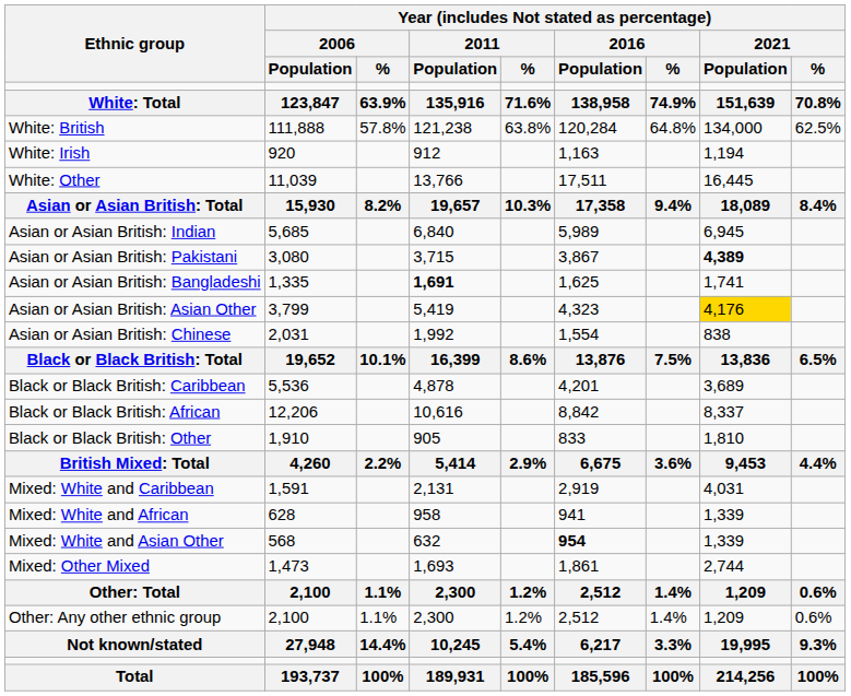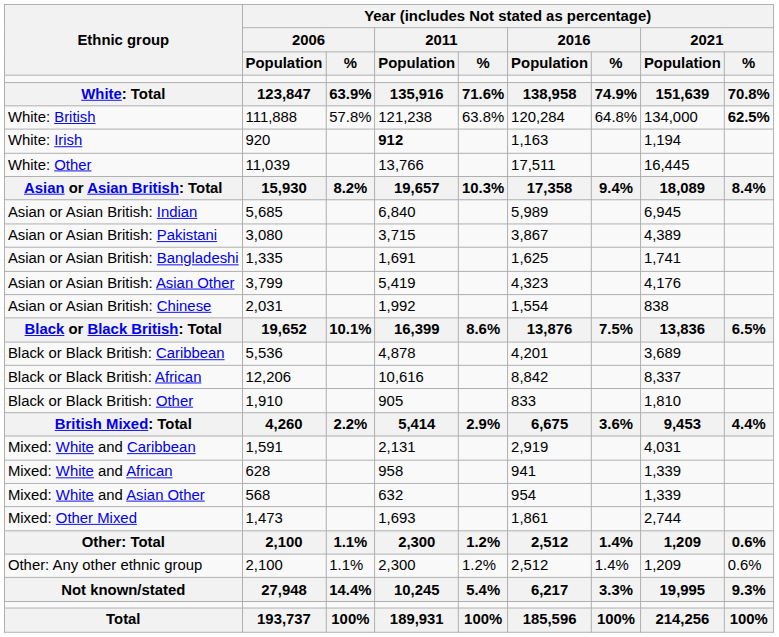 <table class="wikitable sortable mw-collapsible mw-collapsed">
 <tr>
 <th rowspan="3">Ethnic group</th>
 <th colspan="8">Year (includes Not stated as percentage)</th>
 </tr>
 <tr>
 <th colspan="2">2006</th>
 <th colspan="2">2011</th>
 <th colspan="2">2016</th>
 <th colspan="2">2021</th>
 </tr>
 <tr>
 <th>Population</th>
 <th>%</th>
 <th>Population</th>
 <th>%</th>
 <th>Population</th>
 <th>%</th>
 <th>Population</th>
 <th>%</th>
 </tr>
 <tr>
 <td></td>
 <td></td>
 <td></td>
 <td></td>
 <td></td>
 <td></td>
 <td></td>
 <td></td>
 <td></td>
 </tr>
 <tr>
 <th><a href='#'>White</a>: Total</th>
 <th>123,847</th>
 <th>63.9%</th>
 <th>135,916</th>
 <th>71.6%</th>
 <th>138,958</th>
 <th>74.9%</th>
 <th>151,639</th>
 <th>70.8%</th>
 </tr>
 <tr>
 <td>White: <a href='#'>British</a></td>
 <td>111,888</td>
 <td>57.8%</td>
 <td>121,238</td>
 <td>63.8%</td>
 <td>120,284</td>
 <td>64.8%</td>
 <td>134,000</td>
-<td>62.5%</td>
+<td><strong>62.5%</strong></td>
 </tr>
 <tr>
 <td>White: <a href='#'>Irish</a></td>
 <td>920</td>
 <td></td>
-<td>912</td>
+<td><strong>912</strong></td>
 <td></td>
 <td>1,163</td>
 <td></td>
 <td>1,194</td>
 <td></td>
 </tr>
 <tr>
 <td>White: <a href='#'>Other</a></td>
 <td>11,039</td>
 <td></td>
 <td>13,766</td>
 <td></td>
 <td>17,511</td>
 <td></td>
 <td>16,445</td>
 <td></td>
 </tr>
 <tr>
 <th><a href='#'>Asian</a> or <a href='#'>Asian British</a>: Total</th>
 <th>15,930</th>
 <th>8.2%</th>
 <th>19,657</th>
 <th>10.3%</th>
 <th>17,358</th>
 <th>9.4%</th>
 <th>18,089</th>
 <th>8.4%</th>
 </tr>
 <tr>
 <td>Asian or Asian British: <a href='#'>Indian</a></td>
 <td>5,685</td>
 <td></td>
 <td>6,840</td>
 <td></td>
 <td>5,989</td>
 <td></td>
 <td>6,945</td>
 <td></td>
 </tr>
 <tr>
 <td>Asian or Asian British: <a href='#'>Pakistani</a></td>
 <td>3,080</td>
 <td></td>
 <td>3,715</td>
 <td></td>
 <td>3,867</td>
 <td></td>
-<td><strong>4,389</strong></td>
+<td>4,389</td>
 <td></td>
 </tr>
 <tr>
 <td>Asian or Asian British: <a href='#'>Bangladeshi</a></td>
 <td>1,335</td>
 <td></td>
-<td><strong>1,691</strong></td>
+<td>1,691</td>
 <td></td>
 <td>1,625</td>
 <td></td>
 <td>1,741</td>
 <td></td>
 </tr>
 <tr>
 <td>Asian or Asian British: <a href='#'>Asian Other</a></td>
 <td>3,799</td>
 <td></td>
 <td>5,419</td>
 <td></td>
 <td>4,323</td>
 <td></td>
-<td style="background: gold;">4,176</td>
+<td>4,176</td>
 <td></td>
 </tr>
 <tr>
 <td>Asian or Asian British: <a href='#'>Chinese</a></td>
 <td>2,031</td>
 <td></td>
 <td>1,992</td>
 <td></td>
 <td>1,554</td>
 <td></td>
 <td>838</td>
 <td></td>
 </tr>
 <tr>
 <th><a href='#'>Black</a> or <a href='#'>Black British</a>: Total</th>
 <th>19,652</th>
 <th>10.1%</th>
 <th>16,399</th>
 <th>8.6%</th>
 <th>13,876</th>
 <th>7.5%</th>
 <th>13,836</th>
 <th>6.5%</th>
 </tr>
 <tr>
 <td>Black or Black British: <a href='#'>Caribbean</a></td>
 <td>5,536</td>
 <td></td>
 <td>4,878</td>
 <td></td>
 <td>4,201</td>
 <td></td>
 <td>3,689</td>
 <td></td>
 </tr>
 <tr>
 <td>Black or Black British: <a href='#'>African</a></td>
 <td>12,206</td>
 <td></td>
 <td>10,616</td>
 <td></td>
 <td>8,842</td>
 <td></td>
 <td>8,337</td>
 <td></td>
 </tr>
 <tr>
 <td>Black or Black British: <a href='#'>Other</a></td>
 <td>1,910</td>
 <td></td>
 <td>905</td>
 <td></td>
 <td>833</td>
 <td></td>
 <td>1,810</td>
 <td></td>
 </tr>
 <tr>
 <th><a href='#'>British Mixed</a>: Total</th>
 <th>4,260</th>
 <th>2.2%</th>
 <th>5,414</th>
 <th>2.9%</th>
 <th>6,675</th>
 <th>3.6%</th>
 <th>9,453</th>
 <th>4.4%</th>
 </tr>
 <tr>
 <td>Mixed: <a href='#'>White</a> and <a href='#'>Caribbean</a></td>
 <td>1,591</td>
 <td></td>
 <td>2,131</td>
 <td></td>
 <td>2,919</td>
 <td></td>
 <td>4,031</td>
 <td></td>
 </tr>
 <tr>
 <td>Mixed: <a href='#'>White</a> and <a href='#'>African</a></td>
 <td>628</td>
 <td></td>
 <td>958</td>
 <td></td>
 <td>941</td>
 <td></td>
 <td>1,339</td>
 <td></td>
 </tr>
 <tr>
 <td>Mixed: <a href='#'>White</a> and <a href='#'>Asian Other</a></td>
 <td>568</td>
 <td></td>
 <td>632</td>
 <td></td>
-<td><strong>954</strong></td>
+<td>954</td>
 <td></td>
 <td>1,339</td>
 <td></td>
 </tr>
 <tr>
 <td>Mixed: <a href='#'>Other Mixed</a></td>
 <td>1,473</td>
 <td></td>
 <td>1,693</td>
 <td></td>
 <td>1,861</td>
 <td></td>
 <td>2,744</td>
 <td></td>
 </tr>
 <tr>
 <th>Other: Total</th>
 <th>2,100</th>
 <th>1.1%</th>
 <th>2,300</th>
 <th>1.2%</th>
 <th>2,512</th>
 <th>1.4%</th>
 <th>1,209</th>
 <th>0.6%</th>
 </tr>
 <tr>
 <td>Other: Any other ethnic group</td>
 <td>2,100</td>
 <td>1.1%</td>
 <td>2,300</td>
 <td>1.2%</td>
 <td>2,512</td>
 <td>1.4%</td>
 <td>1,209</td>
 <td>0.6%</td>
 </tr>
 <tr>
 <th>Not known/stated</th>
 <th>27,948</th>
 <th>14.4%</th>
 <th>10,245</th>
 <th>5.4%</th>
 <th>6,217</th>
 <th>3.3%</th>
 <th>19,995</th>
 <th>9.3%</th>
 </tr>
 <tr>
 <td></td>
 <td></td>
 <td></td>
 <td></td>
 <td></td>
 <td></td>
 <td></td>
 <td></td>
 <td></td>
 </tr>
 <tr>
 <th>Total</th>
 <th>193,737</th>
 <th>100%</th>
 <th>189,931</th>
 <th>100%</th>
 <th>185,596</th>
 <th>100%</th>
 <th>214,256</th>
 <th>100%</th>
 </tr>
 </table>
